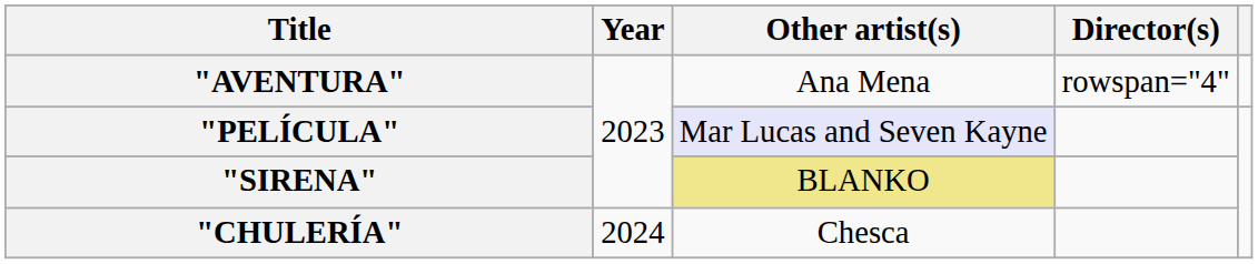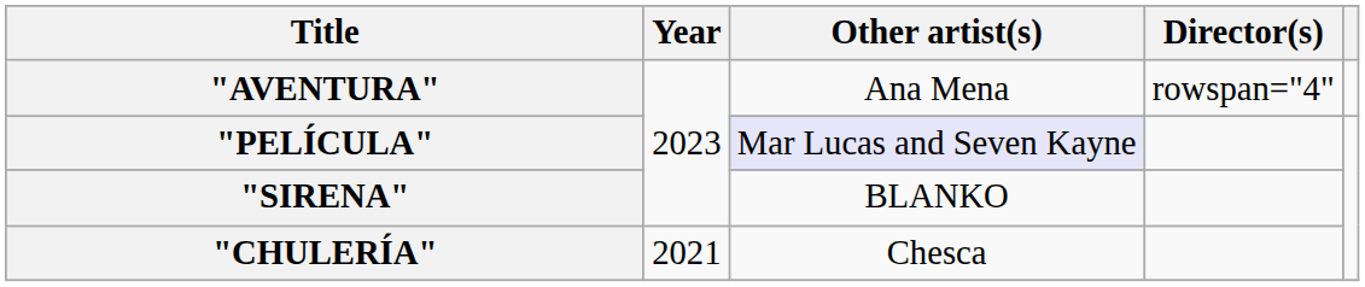 <table class="wikitable sortable plainrowheaders" style="text-align:center;">
 <tr>
 <th scope="col" style="width:18em;">Title</th>
 <th scope="col">Year</th>
 <th scope="col">Other artist(s)</th>
 <th scope="col">Director(s)</th>
 <th scope="col"></th>
 </tr>
 <tr>
 <th scope="row">"AVENTURA"</th>
 <td rowspan="3">2023</td>
 <td>Ana Mena</td>
 <td>rowspan="4"</td>
 <td></td>
 </tr>
 <tr>
 <th scope="row">"PELÍCULA"</th>
 <td style="background: lavender;">Mar Lucas and Seven Kayne</td>
 <td></td>
 </tr>
 <tr>
 <th scope="row">"SIRENA"</th>
-<td style="background: khaki;">BLANKO</td>
+<td>BLANKO</td>
 <td></td>
 </tr>
 <tr>
 <th scope="row">"CHULERÍA"</th>
-<td>2024</td>
+<td>2021</td>
 <td>Chesca</td>
 <td></td>
 </tr>
 </table>
